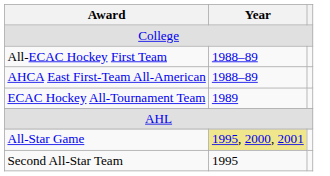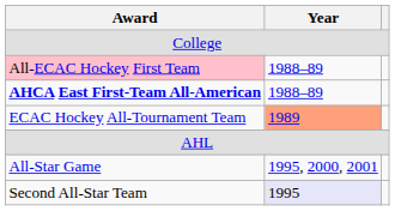 <table class="wikitable">
 <tr>
 <th>Award</th>
 <th>Year</th>
 <th></th>
 </tr>
 <tr ALIGN="center" bgcolor="#e0e0e0">
 <td colspan="3"><a href='#'>College</a></td>
 </tr>
 <tr>
-<td>All-<a href='#'>ECAC Hockey</a> <a href='#'>First Team</a></td>
+<td style="background: pink;">All-<a href='#'>ECAC Hockey</a> <a href='#'>First Team</a></td>
 <td><a href='#'>1988–89</a></td>
 <td></td>
 </tr>
 <tr>
-<td><a href='#'>AHCA</a> <a href='#'>East First-Team All-American</a></td>
+<td><strong><a href='#'>AHCA</a> <a href='#'>East First-Team All-American</a></strong></td>
 <td><a href='#'>1988–89</a></td>
 <td></td>
 </tr>
 <tr>
 <td><a href='#'>ECAC Hockey</a> <a href='#'>All-Tournament Team</a></td>
-<td><a href='#'>1989</a></td>
+<td style="background: lightsalmon;"><a href='#'>1989</a></td>
 <td></td>
 </tr>
 <tr ALIGN="center" bgcolor="#e0e0e0">
 <td colspan="3"><a href='#'>AHL</a></td>
 </tr>
 <tr>
 <td><a href='#'>All-Star Game</a></td>
-<td style="background: khaki;"><a href='#'>1995</a>, <a href='#'>2000</a>, <a href='#'>2001</a></td>
+<td><a href='#'>1995</a>, <a href='#'>2000</a>, <a href='#'>2001</a></td>
 <td></td>
 </tr>
 <tr>
 <td>Second All-Star Team</td>
-<td>1995</td>
+<td style="background: lavender;">1995</td>
 <td></td>
 </tr>
 </table>
